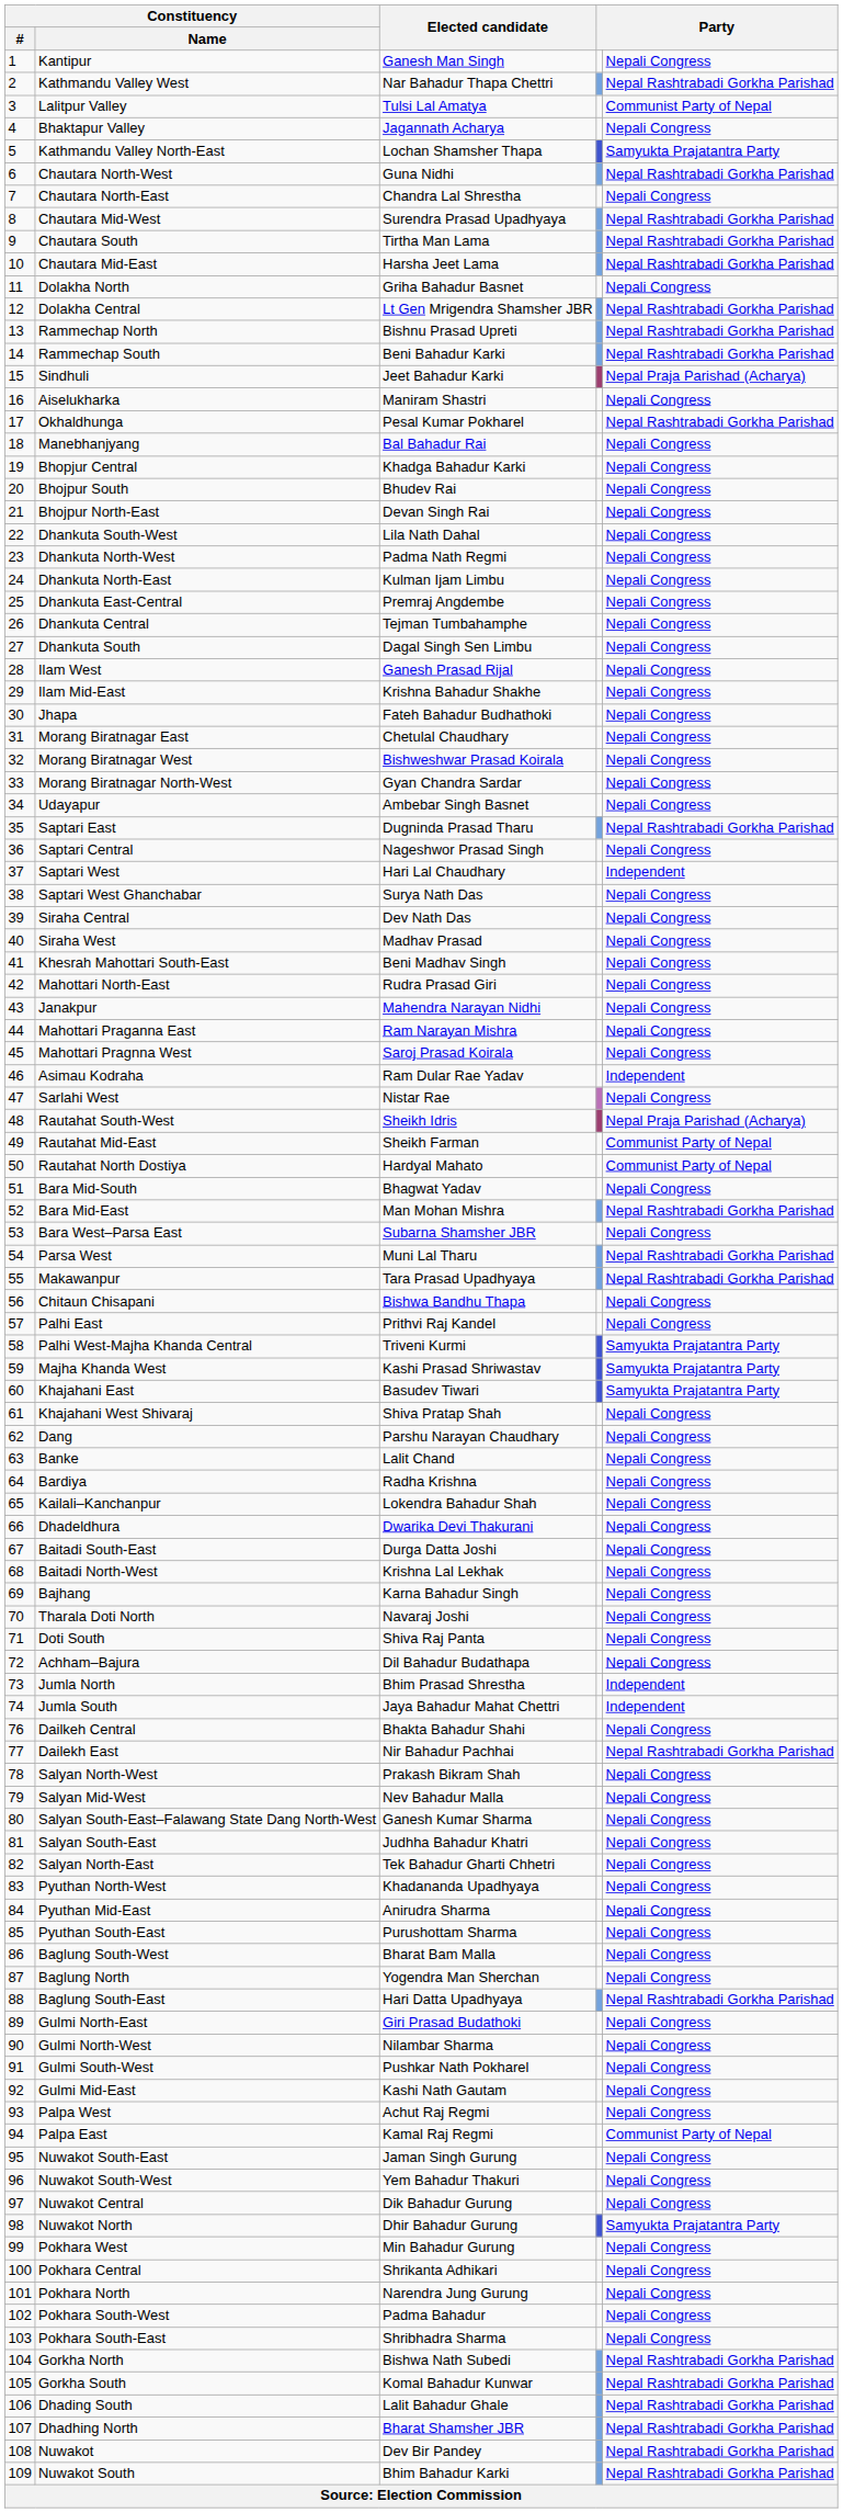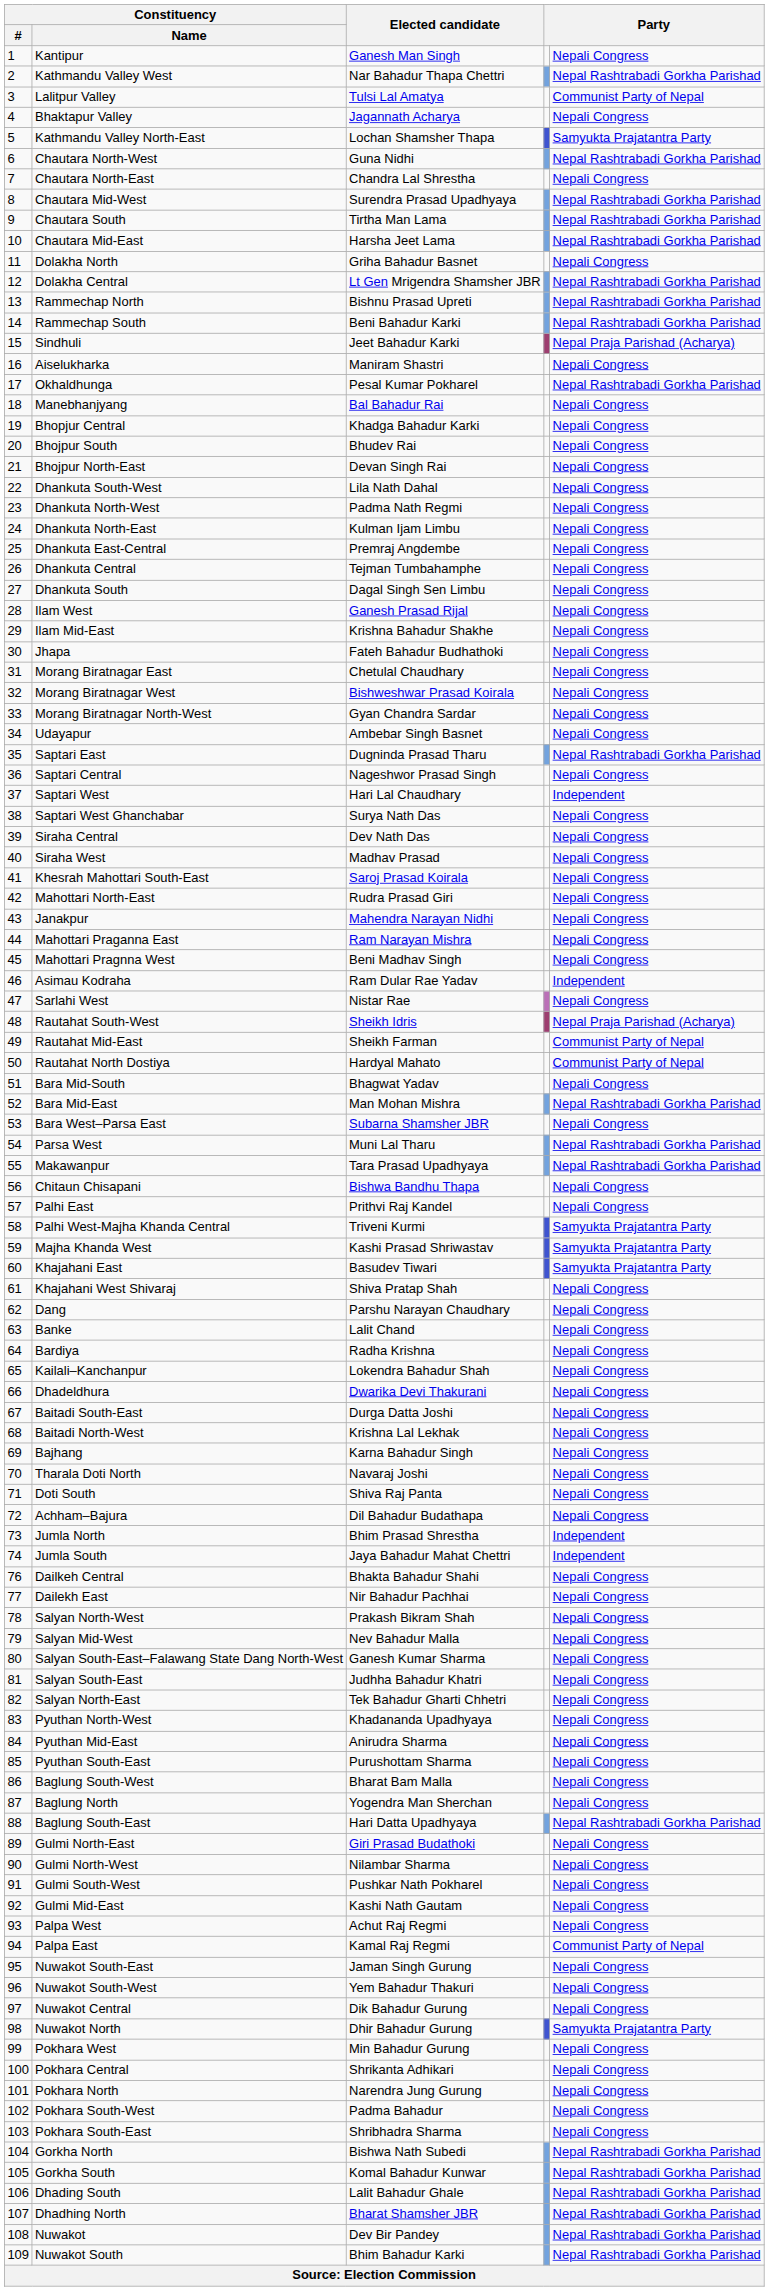 <table class="wikitable">
 <tr>
 <th colspan="2">Constituency</th>
 <th rowspan="2">Elected candidate</th>
 <th colspan="2" rowspan="2">Party</th>
 </tr>
 <tr>
 <th>#</th>
 <th>Name</th>
 </tr>
 <tr>
 <td>1</td>
 <td>Kantipur</td>
 <td><a href='#'>Ganesh Man Singh</a></td>
 <td></td>
 <td><a href='#'>Nepali Congress</a></td>
 </tr>
 <tr>
 <td>2</td>
 <td>Kathmandu Valley West</td>
 <td>Nar Bahadur Thapa Chettri</td>
 <td bgcolor="#73a3de"></td>
 <td><a href='#'>Nepal Rashtrabadi Gorkha Parishad</a></td>
 </tr>
 <tr>
 <td>3</td>
 <td>Lalitpur Valley</td>
 <td><a href='#'>Tulsi Lal Amatya</a></td>
 <td></td>
 <td><a href='#'>Communist Party of Nepal</a></td>
 </tr>
 <tr>
 <td>4</td>
 <td>Bhaktapur Valley</td>
 <td><a href='#'>Jagannath Acharya</a></td>
 <td></td>
 <td><a href='#'>Nepali Congress</a></td>
 </tr>
 <tr>
 <td>5</td>
 <td>Kathmandu Valley North-East</td>
 <td>Lochan Shamsher Thapa</td>
 <td bgcolor="#3f54d"></td>
 <td><a href='#'>Samyukta Prajatantra Party</a></td>
 </tr>
 <tr>
 <td>6</td>
 <td>Chautara North-West</td>
 <td>Guna Nidhi</td>
 <td bgcolor="#73a3de"></td>
 <td><a href='#'>Nepal Rashtrabadi Gorkha Parishad</a></td>
 </tr>
 <tr>
 <td>7</td>
 <td>Chautara North-East</td>
 <td>Chandra Lal Shrestha</td>
 <td></td>
 <td><a href='#'>Nepali Congress</a></td>
 </tr>
 <tr>
 <td>8</td>
 <td>Chautara Mid-West</td>
 <td>Surendra Prasad Upadhyaya</td>
 <td bgcolor="#73a3de"></td>
 <td><a href='#'>Nepal Rashtrabadi Gorkha Parishad</a></td>
 </tr>
 <tr>
 <td>9</td>
 <td>Chautara South</td>
 <td>Tirtha Man Lama</td>
 <td bgcolor="#73a3de"></td>
 <td><a href='#'>Nepal Rashtrabadi Gorkha Parishad</a></td>
 </tr>
 <tr>
 <td>10</td>
 <td>Chautara Mid-East</td>
 <td>Harsha Jeet Lama</td>
 <td bgcolor="#73a3de"></td>
 <td><a href='#'>Nepal Rashtrabadi Gorkha Parishad</a></td>
 </tr>
 <tr>
 <td>11</td>
 <td>Dolakha North</td>
 <td>Griha Bahadur Basnet</td>
 <td></td>
 <td><a href='#'>Nepali Congress</a></td>
 </tr>
 <tr>
 <td>12</td>
 <td>Dolakha Central</td>
 <td><a href='#'>Lt Gen</a> Mrigendra Shamsher JBR</td>
 <td bgcolor="#73a3de"></td>
 <td><a href='#'>Nepal Rashtrabadi Gorkha Parishad</a></td>
 </tr>
 <tr>
 <td>13</td>
 <td>Rammechap North</td>
 <td>Bishnu Prasad Upreti</td>
 <td bgcolor="#73a3de"></td>
 <td><a href='#'>Nepal Rashtrabadi Gorkha Parishad</a></td>
 </tr>
 <tr>
 <td>14</td>
 <td>Rammechap South</td>
 <td>Beni Bahadur Karki</td>
 <td bgcolor="#73a3de"></td>
 <td><a href='#'>Nepal Rashtrabadi Gorkha Parishad</a></td>
 </tr>
 <tr>
 <td>15</td>
 <td>Sindhuli</td>
 <td>Jeet Bahadur Karki</td>
 <td bgcolor="#9d3e7"></td>
 <td><a href='#'>Nepal Praja Parishad (Acharya)</a></td>
 </tr>
 <tr>
 <td>16</td>
 <td>Aiselukharka</td>
 <td>Maniram Shastri</td>
 <td></td>
 <td><a href='#'>Nepali Congress</a></td>
 </tr>
 <tr>
 <td>17</td>
 <td>Okhaldhunga</td>
 <td>Pesal Kumar Pokharel</td>
 <td></td>
 <td><a href='#'>Nepal Rashtrabadi Gorkha Parishad</a></td>
 </tr>
 <tr>
 <td>18</td>
 <td>Manebhanjyang</td>
 <td><a href='#'>Bal Bahadur Rai</a></td>
 <td></td>
 <td><a href='#'>Nepali Congress</a></td>
 </tr>
 <tr>
 <td>19</td>
 <td>Bhopjur Central</td>
 <td>Khadga Bahadur Karki</td>
 <td></td>
 <td><a href='#'>Nepali Congress</a></td>
 </tr>
 <tr>
 <td>20</td>
 <td>Bhojpur South</td>
 <td>Bhudev Rai</td>
 <td></td>
 <td><a href='#'>Nepali Congress</a></td>
 </tr>
 <tr>
 <td>21</td>
 <td>Bhojpur North-East</td>
 <td>Devan Singh Rai</td>
 <td></td>
 <td><a href='#'>Nepali Congress</a></td>
 </tr>
 <tr>
 <td>22</td>
 <td>Dhankuta South-West</td>
 <td>Lila Nath Dahal</td>
 <td></td>
 <td><a href='#'>Nepali Congress</a></td>
 </tr>
 <tr>
 <td>23</td>
 <td>Dhankuta North-West</td>
 <td>Padma Nath Regmi</td>
 <td></td>
 <td><a href='#'>Nepali Congress</a></td>
 </tr>
 <tr>
 <td>24</td>
 <td>Dhankuta North-East</td>
 <td>Kulman Ijam Limbu</td>
 <td></td>
 <td><a href='#'>Nepali Congress</a></td>
 </tr>
 <tr>
 <td>25</td>
 <td>Dhankuta East-Central</td>
 <td>Premraj Angdembe</td>
 <td></td>
 <td><a href='#'>Nepali Congress</a></td>
 </tr>
 <tr>
 <td>26</td>
 <td>Dhankuta Central</td>
 <td>Tejman Tumbahamphe</td>
 <td></td>
 <td><a href='#'>Nepali Congress</a></td>
 </tr>
 <tr>
 <td>27</td>
 <td>Dhankuta South</td>
 <td>Dagal Singh Sen Limbu</td>
 <td></td>
 <td><a href='#'>Nepali Congress</a></td>
 </tr>
 <tr>
 <td>28</td>
 <td>Ilam West</td>
 <td><a href='#'>Ganesh Prasad Rijal</a></td>
 <td></td>
 <td><a href='#'>Nepali Congress</a></td>
 </tr>
 <tr>
 <td>29</td>
 <td>Ilam Mid-East</td>
 <td>Krishna Bahadur Shakhe</td>
 <td></td>
 <td><a href='#'>Nepali Congress</a></td>
 </tr>
 <tr>
 <td>30</td>
 <td>Jhapa</td>
 <td>Fateh Bahadur Budhathoki</td>
 <td></td>
 <td><a href='#'>Nepali Congress</a></td>
 </tr>
 <tr>
 <td>31</td>
 <td>Morang Biratnagar East</td>
 <td>Chetulal Chaudhary</td>
 <td></td>
 <td><a href='#'>Nepali Congress</a></td>
 </tr>
 <tr>
 <td>32</td>
 <td>Morang Biratnagar West</td>
 <td><a href='#'>Bishweshwar Prasad Koirala</a></td>
 <td></td>
 <td><a href='#'>Nepali Congress</a></td>
 </tr>
 <tr>
 <td>33</td>
 <td>Morang Biratnagar North-West</td>
 <td>Gyan Chandra Sardar</td>
 <td></td>
 <td><a href='#'>Nepali Congress</a></td>
 </tr>
 <tr>
 <td>34</td>
 <td>Udayapur</td>
 <td>Ambebar Singh Basnet</td>
 <td></td>
 <td><a href='#'>Nepali Congress</a></td>
 </tr>
 <tr>
 <td>35</td>
 <td>Saptari East</td>
 <td>Dugninda Prasad Tharu</td>
 <td bgcolor="#73a3de"></td>
 <td><a href='#'>Nepal Rashtrabadi Gorkha Parishad</a></td>
 </tr>
 <tr>
 <td>36</td>
 <td>Saptari Central</td>
 <td>Nageshwor Prasad Singh</td>
 <td></td>
 <td><a href='#'>Nepali Congress</a></td>
 </tr>
 <tr>
 <td>37</td>
 <td>Saptari West</td>
 <td>Hari Lal Chaudhary</td>
 <td></td>
 <td><a href='#'>Independent</a></td>
 </tr>
 <tr>
 <td>38</td>
 <td>Saptari West Ghanchabar</td>
 <td>Surya Nath Das</td>
 <td></td>
 <td><a href='#'>Nepali Congress</a></td>
 </tr>
 <tr>
 <td>39</td>
 <td>Siraha Central</td>
 <td>Dev Nath Das</td>
 <td></td>
 <td><a href='#'>Nepali Congress</a></td>
 </tr>
 <tr>
 <td>40</td>
 <td>Siraha West</td>
 <td>Madhav Prasad</td>
 <td></td>
 <td><a href='#'>Nepali Congress</a></td>
 </tr>
 <tr>
 <td>41</td>
 <td>Khesrah Mahottari South-East</td>
-<td>Beni Madhav Singh</td>
+<td><a href='#'>Saroj Prasad Koirala</a></td>
 <td></td>
 <td><a href='#'>Nepali Congress</a></td>
 </tr>
 <tr>
 <td>42</td>
 <td>Mahottari North-East</td>
 <td>Rudra Prasad Giri</td>
 <td></td>
 <td><a href='#'>Nepali Congress</a></td>
 </tr>
 <tr>
 <td>43</td>
 <td>Janakpur</td>
 <td><a href='#'>Mahendra Narayan Nidhi</a></td>
 <td></td>
 <td><a href='#'>Nepali Congress</a></td>
 </tr>
 <tr>
 <td>44</td>
 <td>Mahottari Praganna East</td>
 <td><a href='#'>Ram Narayan Mishra</a></td>
 <td></td>
 <td><a href='#'>Nepali Congress</a></td>
 </tr>
 <tr>
 <td>45</td>
 <td>Mahottari Pragnna West</td>
-<td><a href='#'>Saroj Prasad Koirala</a></td>
+<td>Beni Madhav Singh</td>
 <td></td>
 <td><a href='#'>Nepali Congress</a></td>
 </tr>
 <tr>
 <td>46</td>
 <td>Asimau Kodraha</td>
 <td>Ram Dular Rae Yadav</td>
 <td></td>
 <td><a href='#'>Independent</a></td>
 </tr>
 <tr>
 <td>47</td>
 <td>Sarlahi West</td>
 <td>Nistar Rae</td>
 <td bgcolor="#bb70b8"></td>
 <td><a href='#'>Nepali Congress</a></td>
 </tr>
 <tr>
 <td>48</td>
 <td>Rautahat South-West</td>
 <td><a href='#'>Sheikh Idris</a></td>
 <td bgcolor="#9d3e7"></td>
 <td><a href='#'>Nepal Praja Parishad (Acharya)</a></td>
 </tr>
 <tr>
 <td>49</td>
 <td>Rautahat Mid-East</td>
 <td>Sheikh Farman</td>
 <td></td>
 <td><a href='#'>Communist Party of Nepal</a></td>
 </tr>
 <tr>
 <td>50</td>
 <td>Rautahat North Dostiya</td>
 <td>Hardyal Mahato</td>
 <td></td>
 <td><a href='#'>Communist Party of Nepal</a></td>
 </tr>
 <tr>
 <td>51</td>
 <td>Bara Mid-South</td>
 <td>Bhagwat Yadav</td>
 <td></td>
 <td><a href='#'>Nepali Congress</a></td>
 </tr>
 <tr>
 <td>52</td>
 <td>Bara Mid-East</td>
 <td>Man Mohan Mishra</td>
 <td bgcolor="#73a3de"></td>
 <td><a href='#'>Nepal Rashtrabadi Gorkha Parishad</a></td>
 </tr>
 <tr>
 <td>53</td>
 <td>Bara West–Parsa East</td>
 <td><a href='#'>Subarna Shamsher JBR</a></td>
 <td></td>
 <td><a href='#'>Nepali Congress</a></td>
 </tr>
 <tr>
 <td>54</td>
 <td>Parsa West</td>
 <td>Muni Lal Tharu</td>
 <td bgcolor="#73a3de"></td>
 <td><a href='#'>Nepal Rashtrabadi Gorkha Parishad</a></td>
 </tr>
 <tr>
 <td>55</td>
 <td>Makawanpur</td>
 <td>Tara Prasad Upadhyaya</td>
 <td bgcolor="#73a3de"></td>
 <td><a href='#'>Nepal Rashtrabadi Gorkha Parishad</a></td>
 </tr>
 <tr>
 <td>56</td>
 <td>Chitaun Chisapani</td>
 <td><a href='#'>Bishwa Bandhu Thapa</a></td>
 <td></td>
 <td><a href='#'>Nepali Congress</a></td>
 </tr>
 <tr>
 <td>57</td>
 <td>Palhi East</td>
 <td>Prithvi Raj Kandel</td>
 <td></td>
 <td><a href='#'>Nepali Congress</a></td>
 </tr>
 <tr>
 <td>58</td>
 <td>Palhi West-Majha Khanda Central</td>
 <td>Triveni Kurmi</td>
 <td bgcolor="#3f54d"></td>
 <td><a href='#'>Samyukta Prajatantra Party</a></td>
 </tr>
 <tr>
 <td>59</td>
 <td>Majha Khanda West</td>
 <td>Kashi Prasad Shriwastav</td>
 <td bgcolor="#3f54d"></td>
 <td><a href='#'>Samyukta Prajatantra Party</a></td>
 </tr>
 <tr>
 <td>60</td>
 <td>Khajahani East</td>
 <td>Basudev Tiwari</td>
 <td bgcolor="#3f54d"></td>
 <td><a href='#'>Samyukta Prajatantra Party</a></td>
 </tr>
 <tr>
 <td>61</td>
 <td>Khajahani West Shivaraj</td>
 <td>Shiva Pratap Shah</td>
 <td></td>
 <td><a href='#'>Nepali Congress</a></td>
 </tr>
 <tr>
 <td>62</td>
 <td>Dang</td>
 <td>Parshu Narayan Chaudhary</td>
 <td></td>
 <td><a href='#'>Nepali Congress</a></td>
 </tr>
 <tr>
 <td>63</td>
 <td>Banke</td>
 <td>Lalit Chand</td>
 <td></td>
 <td><a href='#'>Nepali Congress</a></td>
 </tr>
 <tr>
 <td>64</td>
 <td>Bardiya</td>
 <td>Radha Krishna</td>
 <td></td>
 <td><a href='#'>Nepali Congress</a></td>
 </tr>
 <tr>
 <td>65</td>
 <td>Kailali–Kanchanpur</td>
 <td>Lokendra Bahadur Shah</td>
 <td></td>
 <td><a href='#'>Nepali Congress</a></td>
 </tr>
 <tr>
 <td>66</td>
 <td>Dhadeldhura</td>
 <td><a href='#'>Dwarika Devi Thakurani</a></td>
 <td></td>
 <td><a href='#'>Nepali Congress</a></td>
 </tr>
 <tr>
 <td>67</td>
 <td>Baitadi South-East</td>
 <td>Durga Datta Joshi</td>
 <td></td>
 <td><a href='#'>Nepali Congress</a></td>
 </tr>
 <tr>
 <td>68</td>
 <td>Baitadi North-West</td>
 <td>Krishna Lal Lekhak</td>
 <td></td>
 <td><a href='#'>Nepali Congress</a></td>
 </tr>
 <tr>
 <td>69</td>
 <td>Bajhang</td>
 <td>Karna Bahadur Singh</td>
 <td></td>
 <td><a href='#'>Nepali Congress</a></td>
 </tr>
 <tr>
 <td>70</td>
 <td>Tharala Doti North</td>
 <td>Navaraj Joshi</td>
 <td></td>
 <td><a href='#'>Nepali Congress</a></td>
 </tr>
 <tr>
 <td>71</td>
 <td>Doti South</td>
 <td>Shiva Raj Panta</td>
 <td></td>
 <td><a href='#'>Nepali Congress</a></td>
 </tr>
 <tr>
 <td>72</td>
 <td>Achham–Bajura</td>
 <td>Dil Bahadur Budathapa</td>
 <td></td>
 <td><a href='#'>Nepali Congress</a></td>
 </tr>
 <tr>
 <td>73</td>
 <td>Jumla North</td>
 <td>Bhim Prasad Shrestha</td>
 <td></td>
 <td><a href='#'>Independent</a></td>
 </tr>
 <tr>
 <td>74</td>
 <td>Jumla South</td>
 <td>Jaya Bahadur Mahat Chettri</td>
 <td></td>
 <td><a href='#'>Independent</a></td>
 </tr>
 <tr>
 <td>76</td>
 <td>Dailkeh Central</td>
 <td>Bhakta Bahadur Shahi</td>
 <td></td>
 <td><a href='#'>Nepali Congress</a></td>
 </tr>
 <tr>
 <td>77</td>
 <td>Dailekh East</td>
 <td>Nir Bahadur Pachhai</td>
 <td></td>
-<td><a href='#'>Nepal Rashtrabadi Gorkha Parishad</a></td>
+<td><a href='#'>Nepali Congress</a></td>
 </tr>
 <tr>
 <td>78</td>
 <td>Salyan North-West</td>
 <td>Prakash Bikram Shah</td>
 <td></td>
 <td><a href='#'>Nepali Congress</a></td>
 </tr>
 <tr>
 <td>79</td>
 <td>Salyan Mid-West</td>
 <td>Nev Bahadur Malla</td>
 <td></td>
 <td><a href='#'>Nepali Congress</a></td>
 </tr>
 <tr>
 <td>80</td>
 <td>Salyan South-East–Falawang State Dang North-West</td>
 <td>Ganesh Kumar Sharma</td>
 <td></td>
 <td><a href='#'>Nepali Congress</a></td>
 </tr>
 <tr>
 <td>81</td>
 <td>Salyan South-East</td>
 <td>Judhha Bahadur Khatri</td>
 <td></td>
 <td><a href='#'>Nepali Congress</a></td>
 </tr>
 <tr>
 <td>82</td>
 <td>Salyan North-East</td>
 <td>Tek Bahadur Gharti Chhetri</td>
 <td></td>
 <td><a href='#'>Nepali Congress</a></td>
 </tr>
 <tr>
 <td>83</td>
 <td>Pyuthan North-West</td>
 <td>Khadananda Upadhyaya</td>
 <td></td>
 <td><a href='#'>Nepali Congress</a></td>
 </tr>
 <tr>
 <td>84</td>
 <td>Pyuthan Mid-East</td>
 <td>Anirudra Sharma</td>
 <td></td>
 <td><a href='#'>Nepali Congress</a></td>
 </tr>
 <tr>
 <td>85</td>
 <td>Pyuthan South-East</td>
 <td>Purushottam Sharma</td>
 <td></td>
 <td><a href='#'>Nepali Congress</a></td>
 </tr>
 <tr>
 <td>86</td>
 <td>Baglung South-West</td>
 <td>Bharat Bam Malla</td>
 <td></td>
 <td><a href='#'>Nepali Congress</a></td>
 </tr>
 <tr>
 <td>87</td>
 <td>Baglung North</td>
 <td>Yogendra Man Sherchan</td>
 <td></td>
 <td><a href='#'>Nepali Congress</a></td>
 </tr>
 <tr>
 <td>88</td>
 <td>Baglung South-East</td>
 <td>Hari Datta Upadhyaya</td>
 <td bgcolor="#73a3de"></td>
 <td><a href='#'>Nepal Rashtrabadi Gorkha Parishad</a></td>
 </tr>
 <tr>
 <td>89</td>
 <td>Gulmi North-East</td>
 <td><a href='#'>Giri Prasad Budathoki</a></td>
 <td></td>
 <td><a href='#'>Nepali Congress</a></td>
 </tr>
 <tr>
 <td>90</td>
 <td>Gulmi North-West</td>
 <td>Nilambar Sharma</td>
 <td></td>
 <td><a href='#'>Nepali Congress</a></td>
 </tr>
 <tr>
 <td>91</td>
 <td>Gulmi South-West</td>
 <td>Pushkar Nath Pokharel</td>
 <td></td>
 <td><a href='#'>Nepali Congress</a></td>
 </tr>
 <tr>
 <td>92</td>
 <td>Gulmi Mid-East</td>
 <td>Kashi Nath Gautam</td>
 <td></td>
 <td><a href='#'>Nepali Congress</a></td>
 </tr>
 <tr>
 <td>93</td>
 <td>Palpa West</td>
 <td>Achut Raj Regmi</td>
 <td></td>
 <td><a href='#'>Nepali Congress</a></td>
 </tr>
 <tr>
 <td>94</td>
 <td>Palpa East</td>
 <td>Kamal Raj Regmi</td>
 <td></td>
 <td><a href='#'>Communist Party of Nepal</a></td>
 </tr>
 <tr>
 <td>95</td>
 <td>Nuwakot South-East</td>
 <td>Jaman Singh Gurung</td>
 <td></td>
 <td><a href='#'>Nepali Congress</a></td>
 </tr>
 <tr>
 <td>96</td>
 <td>Nuwakot South-West</td>
 <td>Yem Bahadur Thakuri</td>
 <td></td>
 <td><a href='#'>Nepali Congress</a></td>
 </tr>
 <tr>
 <td>97</td>
 <td>Nuwakot Central</td>
 <td>Dik Bahadur Gurung</td>
 <td></td>
 <td><a href='#'>Nepali Congress</a></td>
 </tr>
 <tr>
 <td>98</td>
 <td>Nuwakot North</td>
 <td>Dhir Bahadur Gurung</td>
 <td bgcolor="#3f54d"></td>
 <td><a href='#'>Samyukta Prajatantra Party</a></td>
 </tr>
 <tr>
 <td>99</td>
 <td>Pokhara West</td>
 <td>Min Bahadur Gurung</td>
 <td></td>
 <td><a href='#'>Nepali Congress</a></td>
 </tr>
 <tr>
 <td>100</td>
 <td>Pokhara Central</td>
 <td>Shrikanta Adhikari</td>
 <td></td>
 <td><a href='#'>Nepali Congress</a></td>
 </tr>
 <tr>
 <td>101</td>
 <td>Pokhara North</td>
 <td>Narendra Jung Gurung</td>
 <td></td>
 <td><a href='#'>Nepali Congress</a></td>
 </tr>
 <tr>
 <td>102</td>
 <td>Pokhara South-West</td>
 <td>Padma Bahadur</td>
 <td></td>
 <td><a href='#'>Nepali Congress</a></td>
 </tr>
 <tr>
 <td>103</td>
 <td>Pokhara South-East</td>
 <td>Shribhadra Sharma</td>
 <td></td>
 <td><a href='#'>Nepali Congress</a></td>
 </tr>
 <tr>
 <td>104</td>
 <td>Gorkha North</td>
 <td>Bishwa Nath Subedi</td>
 <td bgcolor="#73a3de"></td>
 <td><a href='#'>Nepal Rashtrabadi Gorkha Parishad</a></td>
 </tr>
 <tr>
 <td>105</td>
 <td>Gorkha South</td>
 <td>Komal Bahadur Kunwar</td>
 <td bgcolor="#73a3de"></td>
 <td><a href='#'>Nepal Rashtrabadi Gorkha Parishad</a></td>
 </tr>
 <tr>
 <td>106</td>
 <td>Dhading South</td>
 <td>Lalit Bahadur Ghale</td>
 <td bgcolor="#73a3de"></td>
 <td><a href='#'>Nepal Rashtrabadi Gorkha Parishad</a></td>
 </tr>
 <tr>
 <td>107</td>
 <td>Dhadhing North</td>
 <td><a href='#'>Bharat Shamsher JBR</a></td>
 <td bgcolor="#73a3de"></td>
 <td><a href='#'>Nepal Rashtrabadi Gorkha Parishad</a></td>
 </tr>
 <tr>
 <td>108</td>
 <td>Nuwakot</td>
 <td>Dev Bir Pandey</td>
 <td bgcolor="#73a3de"></td>
 <td><a href='#'>Nepal Rashtrabadi Gorkha Parishad</a></td>
 </tr>
 <tr>
 <td>109</td>
 <td>Nuwakot South</td>
 <td>Bhim Bahadur Karki</td>
 <td bgcolor="#73a3de"></td>
 <td><a href='#'>Nepal Rashtrabadi Gorkha Parishad</a></td>
 </tr>
 <tr>
 <th colspan="5">Source: Election Commission</th>
 </tr>
 </table>
